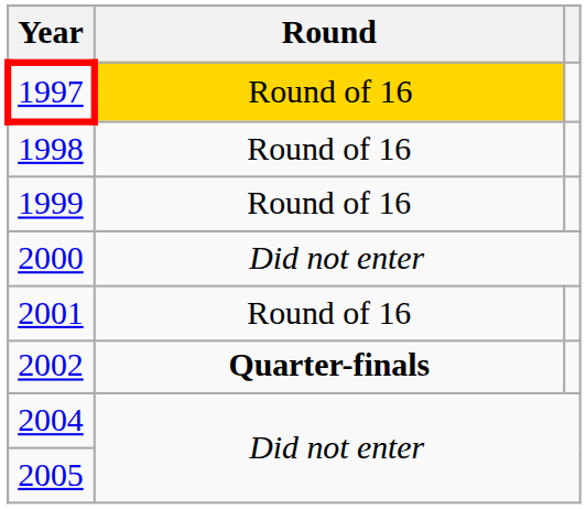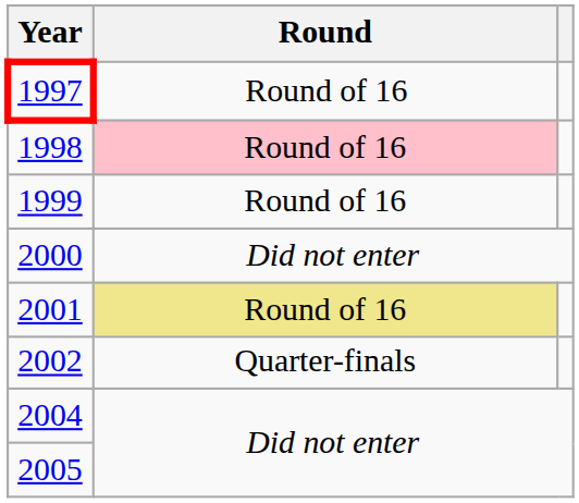 <table class="wikitable" style="text-align: center; font-size:90%">
 <tr>
 <th>Year</th>
 <th style="width:200px">Round</th>
 <th></th>
 </tr>
 <tr>
 <td style="border: 3px solid red"><a href='#'>1997</a></td>
-<td style="background: gold;">Round of 16</td>
+<td>Round of 16</td>
 <td></td>
 </tr>
 <tr>
 <td><a href='#'>1998</a></td>
-<td>Round of 16</td>
+<td style="background: pink;">Round of 16</td>
 <td></td>
 </tr>
 <tr>
 <td><a href='#'>1999</a></td>
 <td>Round of 16</td>
 <td></td>
 </tr>
 <tr>
 <td><a href='#'>2000</a></td>
 <td colspan="2"><em>Did not enter</em></td>
 </tr>
 <tr>
 <td><a href='#'>2001</a></td>
-<td>Round of 16</td>
+<td style="background: khaki;">Round of 16</td>
 <td></td>
 </tr>
 <tr>
 <td><a href='#'>2002</a></td>
-<td><strong>Quarter-finals</strong></td>
+<td>Quarter-finals</td>
 <td></td>
 </tr>
 <tr>
 <td><a href='#'>2004</a></td>
 <td colspan="2" rowspan="2"><em>Did not enter</em></td>
 </tr>
 <tr>
 <td><a href='#'>2005</a></td>
 </tr>
 </table>
